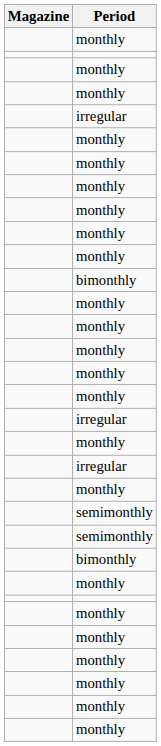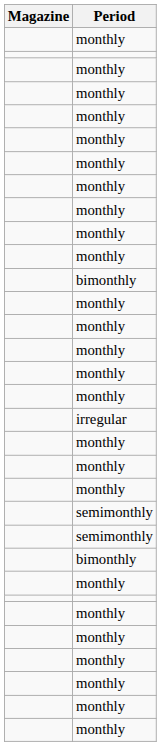 <table class="wikitable">
 <tr>
 <th>Magazine</th>
 <th>Period</th>
 </tr>
 <tr>
 <td></td>
 <td>monthly</td>
 </tr>
 <tr>
 <td></td>
 <td></td>
 </tr>
 <tr>
 <td></td>
 <td>monthly</td>
 </tr>
 <tr>
 <td></td>
 <td>monthly</td>
 </tr>
 <tr>
 <td></td>
-<td>irregular</td>
+<td>monthly</td>
 </tr>
 <tr>
 <td></td>
 <td>monthly</td>
 </tr>
 <tr>
 <td></td>
 <td>monthly</td>
 </tr>
 <tr>
 <td></td>
 <td>monthly</td>
 </tr>
 <tr>
 <td></td>
 <td>monthly</td>
 </tr>
 <tr>
 <td></td>
 <td>monthly</td>
 </tr>
 <tr>
 <td></td>
 <td>monthly</td>
 </tr>
 <tr>
 <td></td>
 <td>bimonthly</td>
 </tr>
 <tr>
 <td></td>
 <td>monthly</td>
 </tr>
 <tr>
 <td></td>
 <td>monthly</td>
 </tr>
 <tr>
 <td></td>
 <td>monthly</td>
 </tr>
 <tr>
 <td></td>
 <td>monthly</td>
 </tr>
 <tr>
 <td></td>
 <td>monthly</td>
 </tr>
 <tr>
 <td></td>
 <td>irregular</td>
 </tr>
 <tr>
 <td></td>
 <td>monthly</td>
 </tr>
 <tr>
 <td></td>
-<td>irregular</td>
+<td>monthly</td>
 </tr>
 <tr>
 <td></td>
 <td>monthly</td>
 </tr>
 <tr>
 <td></td>
 <td>semimonthly</td>
 </tr>
 <tr>
 <td></td>
 <td>semimonthly</td>
 </tr>
 <tr>
 <td></td>
 <td>bimonthly</td>
 </tr>
 <tr>
 <td></td>
 <td>monthly</td>
 </tr>
 <tr>
 <td></td>
 <td></td>
 </tr>
 <tr>
 <td></td>
 <td>monthly</td>
 </tr>
 <tr>
 <td></td>
 <td>monthly</td>
 </tr>
 <tr>
 <td></td>
 <td>monthly</td>
 </tr>
 <tr>
 <td></td>
 <td>monthly</td>
 </tr>
 <tr>
 <td></td>
 <td>monthly</td>
 </tr>
 <tr>
 <td></td>
 <td>monthly</td>
 </tr>
 </table>
